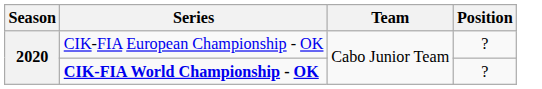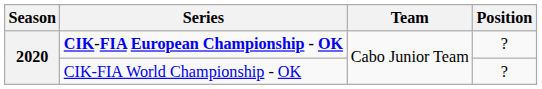 <table class="wikitable" style="font-size: 85%; text-align:center">
 <tr>
 <th>Season</th>
 <th>Series</th>
 <th>Team</th>
 <th>Position</th>
 </tr>
 <tr>
 <th rowspan="2">2020</th>
-<td align="left"><a href='#'>CIK</a>-<a href='#'>FIA</a> <a href='#'>European Championship</a> - <a href='#'>OK</a></td>
+<td align="left"><strong><a href='#'>CIK</a>-<a href='#'>FIA</a> <a href='#'>European Championship</a> - <a href='#'>OK</a></strong></td>
 <td rowspan="2" align="left">Cabo Junior Team</td>
 <td>?</td>
 </tr>
 <tr>
-<td align="left"><strong><a href='#'>CIK-FIA World Championship</a> - <a href='#'>OK</a></strong></td>
+<td align="left"><a href='#'>CIK-FIA World Championship</a> - <a href='#'>OK</a></td>
 <td>?</td>
 </tr>
 </table>
